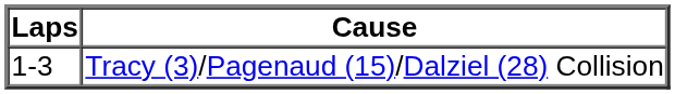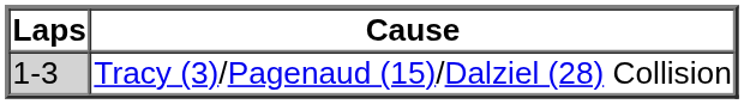 <table border=2 cellspacing=0>
 <tr>
 <th>Laps</th>
 <th>Cause</th>
 </tr>
 <tr>
-<td>1-3</td>
+<td style="background: lightgrey;">1-3</td>
 <td><a href='#'>Tracy (3)</a>/<a href='#'>Pagenaud (15)</a>/<a href='#'>Dalziel (28)</a> Collision</td>
 </tr>
 </table>
